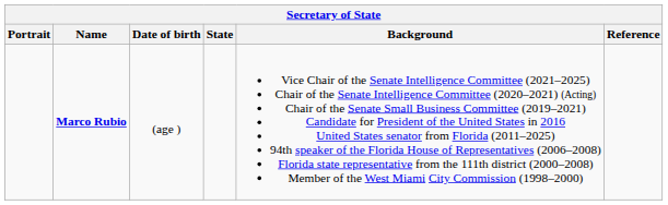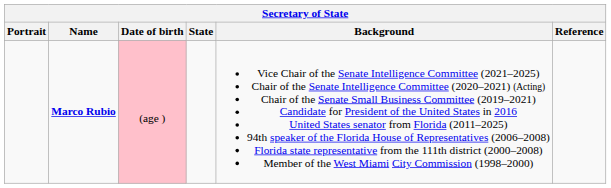 <table class="wikitable collapsible" style="text-align:center;">
 <tr>
 <th colspan="6"><a href='#'>Secretary of State</a></th>
 </tr>
 <tr>
 <th>Portrait</th>
 <th>Name</th>
 <th>Date of birth</th>
 <th>State</th>
 <th>Background</th>
 <th>Reference</th>
 </tr>
 <tr>
 <td></td>
 <td><strong><a href='#'>Marco Rubio</a></strong></td>
-<td><br>(age )</td>
+<td style="background: pink;"><br>(age )</td>
 <td></td>
 <td><br><ul><li>Vice Chair of the <a href='#'>Senate Intelligence Committee</a> (2021–2025)</li><li>Chair of the <a href='#'>Senate Intelligence Committee</a> (2020–2021) <small>(Acting)</small></li><li>Chair of the <a href='#'>Senate Small Business Committee</a> (2019–2021)</li><li><a href='#'>Candidate</a> for <a href='#'>President of the United States</a> in <a href='#'>2016</a></li><li><a href='#'>United States senator</a> from <a href='#'>Florida</a> (2011–2025)</li><li>94th <a href='#'>speaker of the Florida House of Representatives</a> (2006–2008)</li><li><a href='#'>Florida state representative</a> from the 111th district (2000–2008)</li><li>Member of the <a href='#'>West Miami</a> <a href='#'>City Commission</a> (1998–2000)</li></ul></td>
 <td></td>
 </tr>
 </table>
